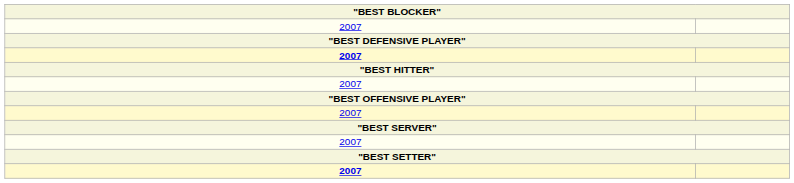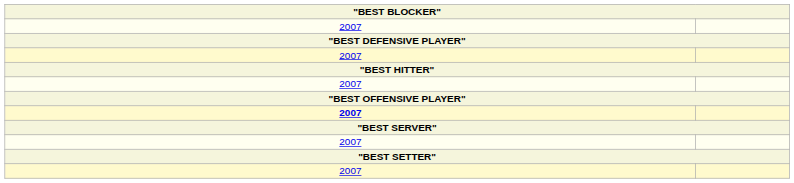 <table border=1 align=center width=90% cellpadding=2 cellspacing=2 style="background: ivory; font-size: 90%; border: 1px #aaaaaa solid; border-collapse: collapse; clear:center">
 <tr style="background:beige">
 <th colspan="2">"BEST BLOCKER"</th>
 </tr>
 <tr>
 <td align="center"><a href='#'>2007</a></td>
 <td></td>
 </tr>
 <tr style="background:beige">
 <th colspan="2">"BEST DEFENSIVE PLAYER"</th>
 </tr>
 <tr style="background:lemonchiffon">
-<td align="center"><strong><a href='#'>2007</a></strong></td>
+<td align="center"><a href='#'>2007</a></td>
 <td></td>
 </tr>
 <tr style="background:beige">
 <th colspan="2">"BEST HITTER"</th>
 </tr>
 <tr>
 <td align="center"><a href='#'>2007</a></td>
 <td></td>
 </tr>
 <tr style="background:beige">
 <th colspan="2">"BEST OFFENSIVE PLAYER"</th>
 </tr>
 <tr style="background:lemonchiffon">
-<td align="center"><a href='#'>2007</a></td>
+<td align="center"><strong><a href='#'>2007</a></strong></td>
 <td> <br></td>
 </tr>
 <tr style="background:beige">
 <th colspan="2">"BEST SERVER"</th>
 </tr>
 <tr>
 <td align="center"><a href='#'>2007</a></td>
 <td></td>
 </tr>
 <tr style="background:beige">
 <th colspan="2">"BEST SETTER"</th>
 </tr>
 <tr style="background:lemonchiffon">
-<td align="center"><strong><a href='#'>2007</a></strong></td>
+<td align="center"><a href='#'>2007</a></td>
 <td></td>
 </tr>
 </table>
